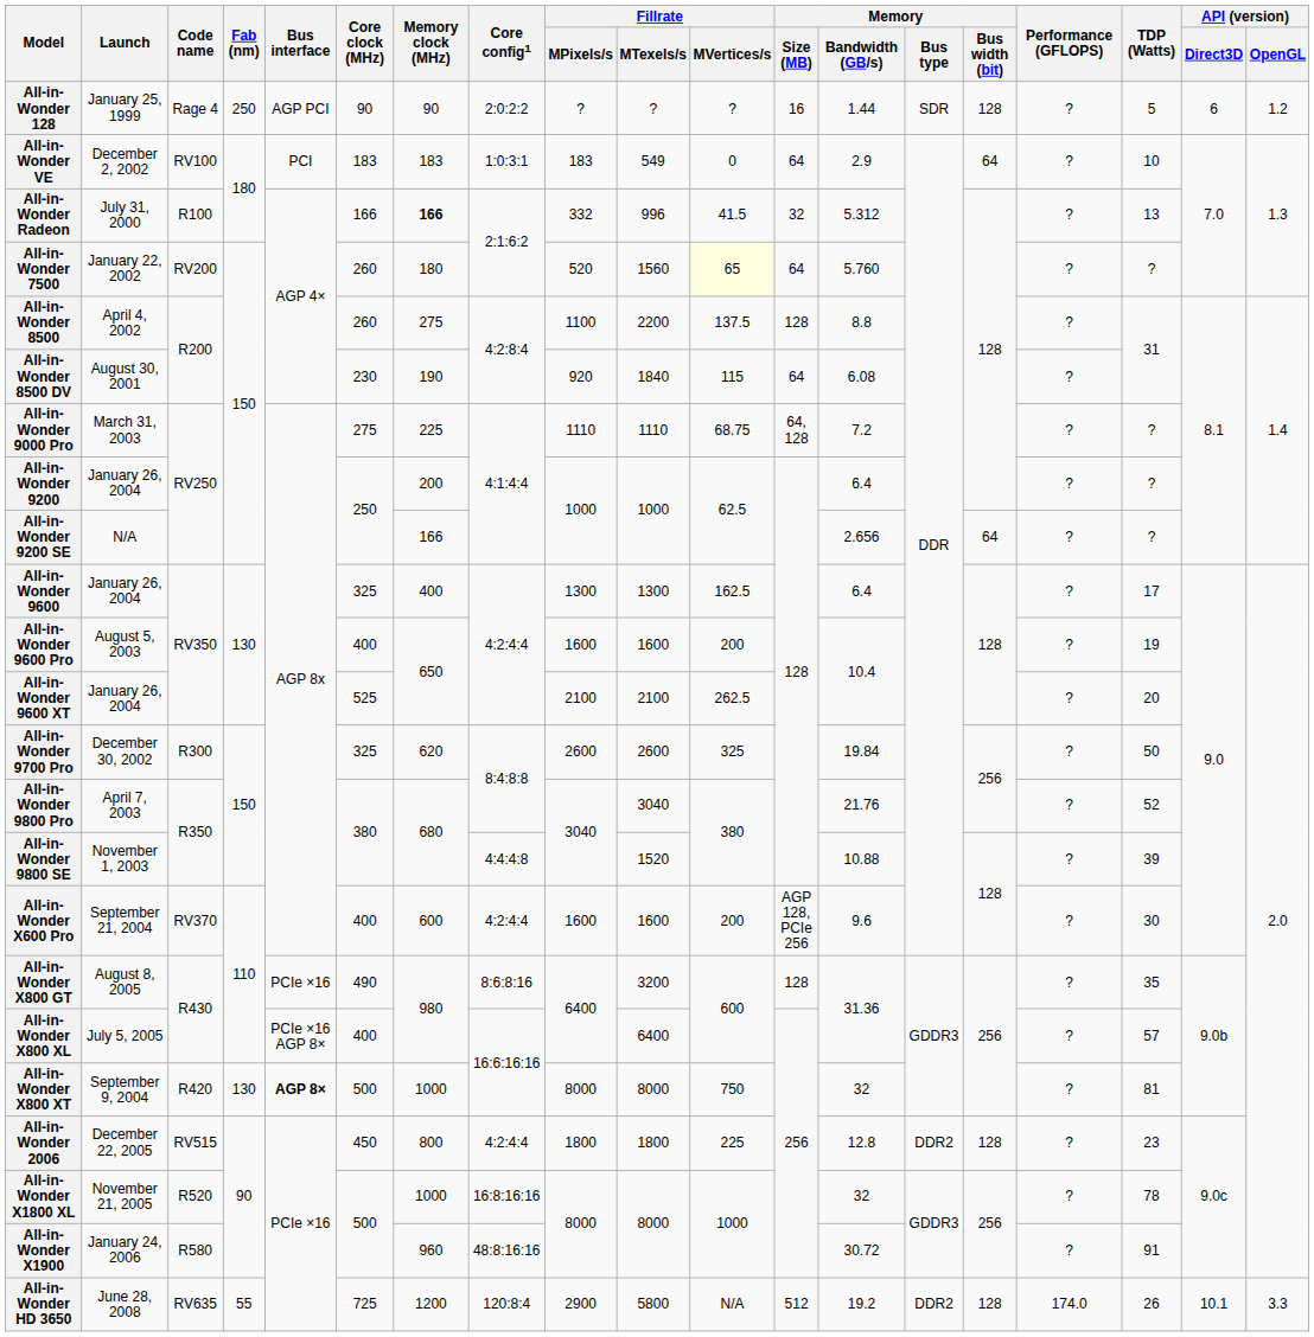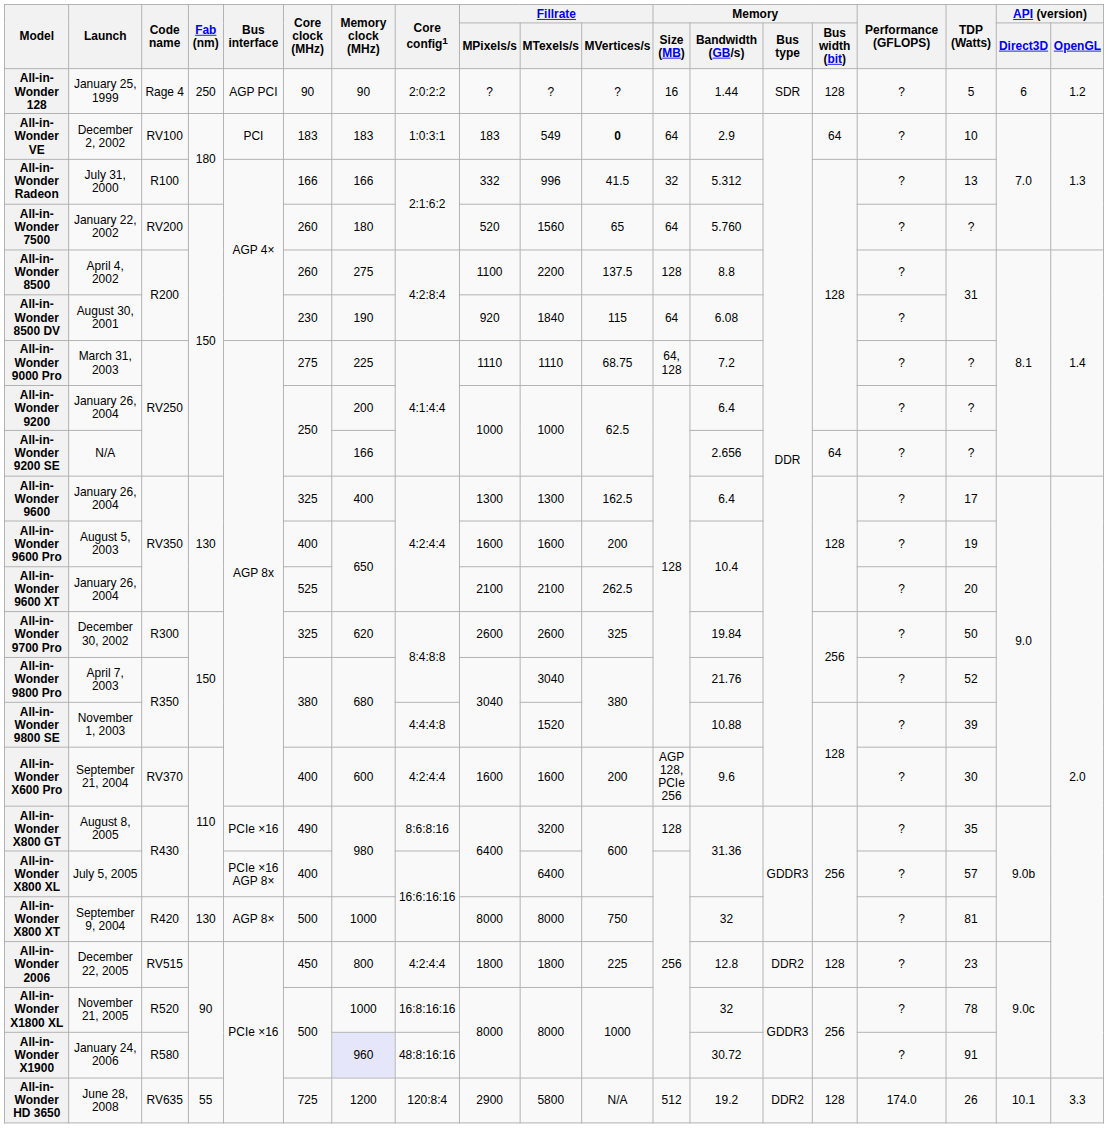 <table class="mw-datatable wikitable sortable sort-under" style="font-size:85%; text-align:center;">
 <tr>
 <th rowspan="2">Model</th>
 <th rowspan="2">Launch</th>
 <th rowspan="2">Code name</th>
 <th rowspan="2"><a href='#'>Fab</a> (nm)</th>
 <th rowspan="2">Bus interface</th>
 <th rowspan="2">Core clock (MHz)</th>
 <th rowspan="2">Memory clock (MHz)</th>
 <th rowspan="2">Core config<sup>1</sup></th>
 <th colspan="3"><a href='#'>Fillrate</a></th>
 <th colspan="4">Memory</th>
 <th rowspan="2">Performance (GFLOPS)</th>
 <th rowspan="2">TDP (Watts)</th>
 <th colspan="2"><a href='#'>API</a> (version)</th>
 </tr>
 <tr>
 <th>MPixels/s</th>
 <th>MTexels/s</th>
 <th>MVertices/s</th>
 <th>Size (<a href='#'>MB</a>)</th>
 <th>Bandwidth (<a href='#'>GB</a>/s)</th>
 <th>Bus type</th>
 <th>Bus width (<a href='#'>bit</a>)</th>
 <th><a href='#'>Direct3D</a></th>
 <th><a href='#'>OpenGL</a></th>
 </tr>
 <tr>
 <th>All-in-Wonder 128</th>
 <td>January 25, 1999</td>
 <td>Rage 4</td>
 <td>250</td>
 <td>AGP PCI</td>
 <td>90</td>
 <td>90</td>
 <td>2:0:2:2</td>
 <td>?</td>
 <td>?</td>
 <td>?</td>
 <td>16</td>
 <td>1.44</td>
 <td>SDR</td>
 <td>128</td>
 <td>?</td>
 <td>5</td>
 <td>6</td>
 <td>1.2</td>
 </tr>
 <tr>
 <th>All-in-Wonder VE</th>
 <td>December 2, 2002</td>
 <td>RV100</td>
 <td rowspan="2">180</td>
 <td>PCI</td>
 <td>183</td>
 <td>183</td>
 <td>1:0:3:1</td>
 <td>183</td>
 <td>549</td>
-<td>0</td>
+<td><strong>0</strong></td>
 <td>64</td>
 <td>2.9</td>
 <td rowspan="15">DDR</td>
 <td>64</td>
 <td>?</td>
 <td>10</td>
 <td rowspan="3">7.0</td>
 <td rowspan="3">1.3</td>
 </tr>
 <tr>
 <th>All-in-Wonder Radeon</th>
 <td>July 31, 2000</td>
 <td>R100</td>
 <td rowspan="4">AGP 4×</td>
 <td>166</td>
-<td><strong>166</strong></td>
+<td>166</td>
 <td rowspan="2">2:1:6:2</td>
 <td>332</td>
 <td>996</td>
 <td>41.5</td>
 <td>32</td>
 <td>5.312</td>
 <td rowspan="6">128</td>
 <td>?</td>
 <td>13</td>
 </tr>
 <tr>
 <th>All-in-Wonder 7500</th>
 <td>January 22, 2002</td>
 <td>RV200</td>
 <td rowspan="6">150</td>
 <td>260</td>
 <td>180</td>
 <td>520</td>
 <td>1560</td>
-<td style="background: lightyellow;">65</td>
+<td>65</td>
 <td>64</td>
 <td>5.760</td>
 <td>?</td>
 <td>?</td>
 </tr>
 <tr>
 <th>All-in-Wonder 8500</th>
 <td>April 4, 2002</td>
 <td rowspan="2">R200</td>
 <td>260</td>
 <td>275</td>
 <td rowspan="2">4:2:8:4</td>
 <td>1100</td>
 <td>2200</td>
 <td>137.5</td>
 <td>128</td>
 <td>8.8</td>
 <td>?</td>
 <td rowspan="2">31</td>
 <td rowspan="5">8.1</td>
 <td rowspan="5">1.4</td>
 </tr>
 <tr>
 <th>All-in-Wonder 8500 DV</th>
 <td>August 30, 2001</td>
 <td>230</td>
 <td>190</td>
 <td>920</td>
 <td>1840</td>
 <td>115</td>
 <td>64</td>
 <td>6.08</td>
 <td>?</td>
 </tr>
 <tr>
 <th>All-in-Wonder 9000 Pro</th>
 <td>March 31, 2003</td>
 <td rowspan="3">RV250</td>
 <td rowspan="10">AGP 8x</td>
 <td>275</td>
 <td>225</td>
 <td rowspan="3">4:1:4:4</td>
 <td>1110</td>
 <td>1110</td>
 <td>68.75</td>
 <td>64, 128</td>
 <td>7.2</td>
 <td>?</td>
 <td>?</td>
 </tr>
 <tr>
 <th>All-in-Wonder 9200</th>
 <td>January 26, 2004</td>
 <td rowspan="2">250</td>
 <td>200</td>
 <td rowspan="2">1000</td>
 <td rowspan="2">1000</td>
 <td rowspan="2">62.5</td>
 <td rowspan="8">128</td>
 <td>6.4</td>
 <td>?</td>
 <td>?</td>
 </tr>
 <tr>
 <th>All-in-Wonder 9200 SE</th>
 <td>N/A</td>
 <td>166</td>
 <td>2.656</td>
 <td>64</td>
 <td>?</td>
 <td>?</td>
 </tr>
 <tr>
 <th>All-in-Wonder 9600</th>
 <td>January 26, 2004</td>
 <td rowspan="3">RV350</td>
 <td rowspan="3">130</td>
 <td>325</td>
 <td>400</td>
 <td rowspan="3">4:2:4:4</td>
 <td>1300</td>
 <td>1300</td>
 <td>162.5</td>
 <td>6.4</td>
 <td rowspan="3">128</td>
 <td>?</td>
 <td>17</td>
 <td rowspan="7">9.0</td>
 <td rowspan="13">2.0</td>
 </tr>
 <tr>
 <th>All-in-Wonder 9600 Pro</th>
 <td>August 5, 2003</td>
 <td>400</td>
 <td rowspan="2">650</td>
 <td>1600</td>
 <td>1600</td>
 <td>200</td>
 <td rowspan="2">10.4</td>
 <td>?</td>
 <td>19</td>
 </tr>
 <tr>
 <th>All-in-Wonder 9600 XT</th>
 <td>January 26, 2004</td>
 <td>525</td>
 <td>2100</td>
 <td>2100</td>
 <td>262.5</td>
 <td>?</td>
 <td>20</td>
 </tr>
 <tr>
 <th>All-in-Wonder 9700 Pro</th>
 <td>December 30, 2002</td>
 <td>R300</td>
 <td rowspan="3">150</td>
 <td>325</td>
 <td>620</td>
 <td rowspan="2">8:4:8:8</td>
 <td>2600</td>
 <td>2600</td>
 <td>325</td>
 <td>19.84</td>
 <td rowspan="2">256</td>
 <td>?</td>
 <td>50</td>
 </tr>
 <tr>
 <th>All-in-Wonder 9800 Pro</th>
 <td>April 7, 2003</td>
 <td rowspan="2">R350</td>
 <td rowspan="2">380</td>
 <td rowspan="2">680</td>
 <td rowspan="2">3040</td>
 <td>3040</td>
 <td rowspan="2">380</td>
 <td>21.76</td>
 <td>?</td>
 <td>52</td>
 </tr>
 <tr>
 <th>All-in-Wonder 9800 SE</th>
 <td>November 1, 2003</td>
 <td>4:4:4:8</td>
 <td>1520</td>
 <td>10.88</td>
 <td rowspan="2">128</td>
 <td>?</td>
 <td>39</td>
 </tr>
 <tr>
 <th>All-in-Wonder X600 Pro</th>
 <td>September 21, 2004</td>
 <td>RV370</td>
 <td rowspan="3">110</td>
 <td>400</td>
 <td>600</td>
 <td>4:2:4:4</td>
 <td>1600</td>
 <td>1600</td>
 <td>200</td>
 <td>AGP 128,<br>PCIe 256</td>
 <td>9.6</td>
 <td>?</td>
 <td>30</td>
 </tr>
 <tr>
 <th>All-in-Wonder X800 GT</th>
 <td>August 8, 2005</td>
 <td rowspan="2">R430</td>
 <td>PCIe ×16</td>
 <td>490</td>
 <td rowspan="2">980</td>
 <td>8:6:8:16</td>
 <td rowspan="2">6400</td>
 <td>3200</td>
 <td rowspan="2">600</td>
 <td>128</td>
 <td rowspan="2">31.36</td>
 <td rowspan="3">GDDR3</td>
 <td rowspan="3">256</td>
 <td>?</td>
 <td>35</td>
 <td rowspan="3">9.0b</td>
 </tr>
 <tr>
 <th>All-in-Wonder X800 XL</th>
 <td>July 5, 2005</td>
 <td>PCIe ×16<br>AGP 8×</td>
 <td>400</td>
 <td rowspan="2">16:6:16:16</td>
 <td>6400</td>
 <td rowspan="5">256</td>
 <td>?</td>
 <td>57</td>
 </tr>
 <tr>
 <th>All-in-Wonder X800 XT</th>
 <td>September 9, 2004</td>
 <td>R420</td>
 <td>130</td>
-<td><strong>AGP 8×</strong></td>
+<td>AGP 8×</td>
 <td>500</td>
 <td>1000</td>
 <td>8000</td>
 <td>8000</td>
 <td>750</td>
 <td>32</td>
 <td>?</td>
 <td>81</td>
 </tr>
 <tr>
 <th>All-in-Wonder 2006</th>
 <td>December 22, 2005</td>
 <td>RV515</td>
 <td rowspan="3">90</td>
 <td rowspan="4">PCIe ×16</td>
 <td>450</td>
 <td>800</td>
 <td>4:2:4:4</td>
 <td>1800</td>
 <td>1800</td>
 <td>225</td>
 <td>12.8</td>
 <td>DDR2</td>
 <td>128</td>
 <td>?</td>
 <td>23</td>
 <td rowspan="3">9.0c</td>
 </tr>
 <tr>
 <th>All-in-Wonder X1800 XL</th>
 <td>November 21, 2005</td>
 <td>R520</td>
 <td rowspan="2">500</td>
 <td>1000</td>
 <td>16:8:16:16</td>
 <td rowspan="2">8000</td>
 <td rowspan="2">8000</td>
 <td rowspan="2">1000</td>
 <td>32</td>
 <td rowspan="2">GDDR3</td>
 <td rowspan="2">256</td>
 <td>?</td>
 <td>78</td>
 </tr>
 <tr>
 <th>All-in-Wonder X1900</th>
 <td>January 24, 2006</td>
 <td>R580</td>
-<td>960</td>
+<td style="background: lavender;">960</td>
 <td>48:8:16:16</td>
 <td>30.72</td>
 <td>?</td>
 <td>91</td>
 </tr>
 <tr>
 <th>All-in-Wonder HD 3650</th>
 <td>June 28, 2008</td>
 <td>RV635</td>
 <td>55</td>
 <td>725</td>
 <td>1200</td>
 <td>120:8:4</td>
 <td>2900</td>
 <td>5800</td>
 <td>N/A</td>
 <td>512</td>
 <td>19.2</td>
 <td>DDR2</td>
 <td>128</td>
 <td>174.0</td>
 <td>26</td>
 <td>10.1</td>
 <td>3.3</td>
 </tr>
 </table>
